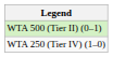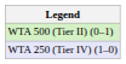 <table class=wikitable style="font-size:90%;">
 <tr>
 <th>Legend</th>
 </tr>
 <tr>
 <td bgcolor=d4f1c5>WTA 500 (Tier II) (0–1)</td>
 </tr>
 <tr>
-<td>WTA 250 (Tier IV) (1–0)</td>
+<td style="background: lavender;">WTA 250 (Tier IV) (1–0)</td>
 </tr>
 </table>
